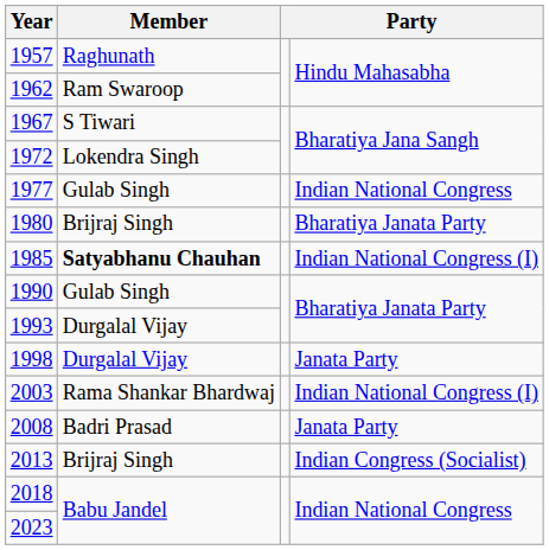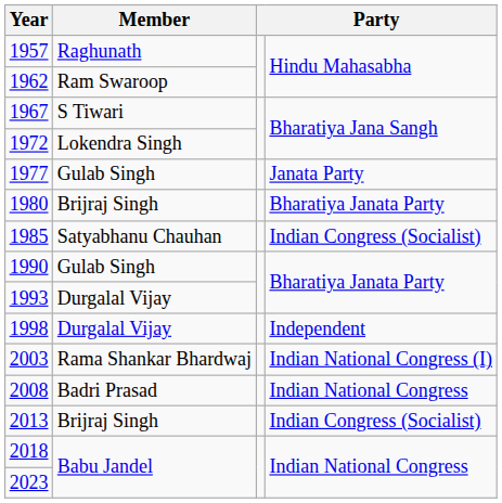 <table class="wikitable">
 <tr>
 <th>Year</th>
 <th>Member</th>
 <th colspan="2">Party</th>
 </tr>
 <tr>
 <td><a href='#'>1957</a></td>
 <td><a href='#'>Raghunath</a></td>
 <td rowspan="2" style="background-color: "></td>
 <td rowspan="2"><a href='#'>Hindu Mahasabha</a></td>
 </tr>
 <tr>
 <td><a href='#'>1962</a></td>
 <td>Ram Swaroop</td>
 </tr>
 <tr>
 <td><a href='#'>1967</a></td>
 <td>S Tiwari</td>
 <td rowspan="2" style="background-color: "></td>
 <td rowspan="2"><a href='#'>Bharatiya Jana Sangh</a></td>
 </tr>
 <tr>
 <td><a href='#'>1972</a></td>
 <td>Lokendra Singh</td>
 </tr>
 <tr>
 <td><a href='#'>1977</a></td>
 <td>Gulab Singh</td>
 <td style="background-color: "></td>
-<td><a href='#'>Indian National Congress</a></td>
+<td><a href='#'>Janata Party</a></td>
 </tr>
 <tr>
 <td><a href='#'>1980</a></td>
 <td>Brijraj Singh</td>
 <td style="background-color: "></td>
 <td><a href='#'>Bharatiya Janata Party</a></td>
 </tr>
 <tr>
 <td><a href='#'>1985</a></td>
-<td><strong>Satyabhanu Chauhan</strong></td>
+<td>Satyabhanu Chauhan</td>
 <td style="background-color: "></td>
-<td><a href='#'>Indian National Congress (I)</a></td>
+<td><a href='#'>Indian Congress (Socialist)</a></td>
 </tr>
 <tr>
 <td><a href='#'>1990</a></td>
 <td>Gulab Singh</td>
 <td rowspan="2" style="background-color: "></td>
 <td rowspan="2"><a href='#'>Bharatiya Janata Party</a></td>
 </tr>
 <tr>
 <td><a href='#'>1993</a></td>
 <td>Durgalal Vijay</td>
 </tr>
 <tr>
 <td><a href='#'>1998</a></td>
 <td><a href='#'>Durgalal Vijay</a></td>
 <td style="background-color: "></td>
-<td><a href='#'>Janata Party</a></td>
+<td><a href='#'>Independent</a></td>
 </tr>
 <tr>
 <td><a href='#'>2003</a></td>
 <td>Rama Shankar Bhardwaj</td>
 <td style="background-color: "></td>
 <td><a href='#'>Indian National Congress (I)</a></td>
 </tr>
 <tr>
 <td><a href='#'>2008</a></td>
 <td>Badri Prasad</td>
 <td style="background-color: "></td>
-<td><a href='#'>Janata Party</a></td>
+<td><a href='#'>Indian National Congress</a></td>
 </tr>
 <tr>
 <td><a href='#'>2013</a></td>
 <td>Brijraj Singh</td>
 <td style="background-color: "></td>
 <td><a href='#'>Indian Congress (Socialist)</a></td>
 </tr>
 <tr>
 <td><a href='#'>2018</a></td>
 <td rowspan="2"><a href='#'>Babu Jandel</a></td>
 <td rowspan="2" style="background-color: "></td>
 <td rowspan="2"><a href='#'>Indian National Congress</a></td>
 </tr>
 <tr>
 <td><a href='#'>2023</a></td>
 </tr>
 </table>
